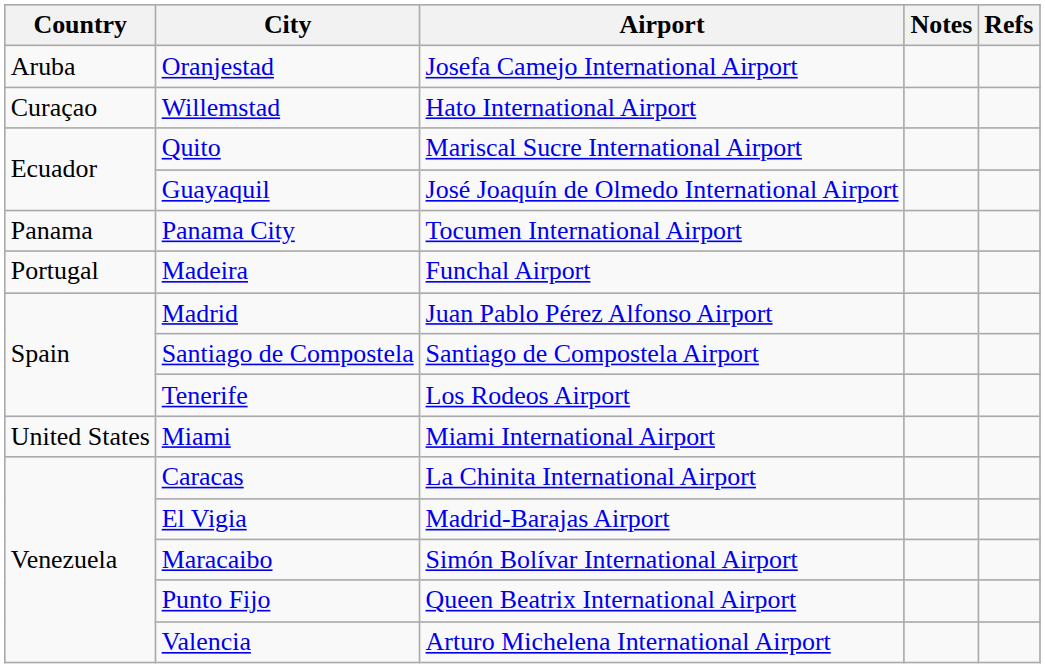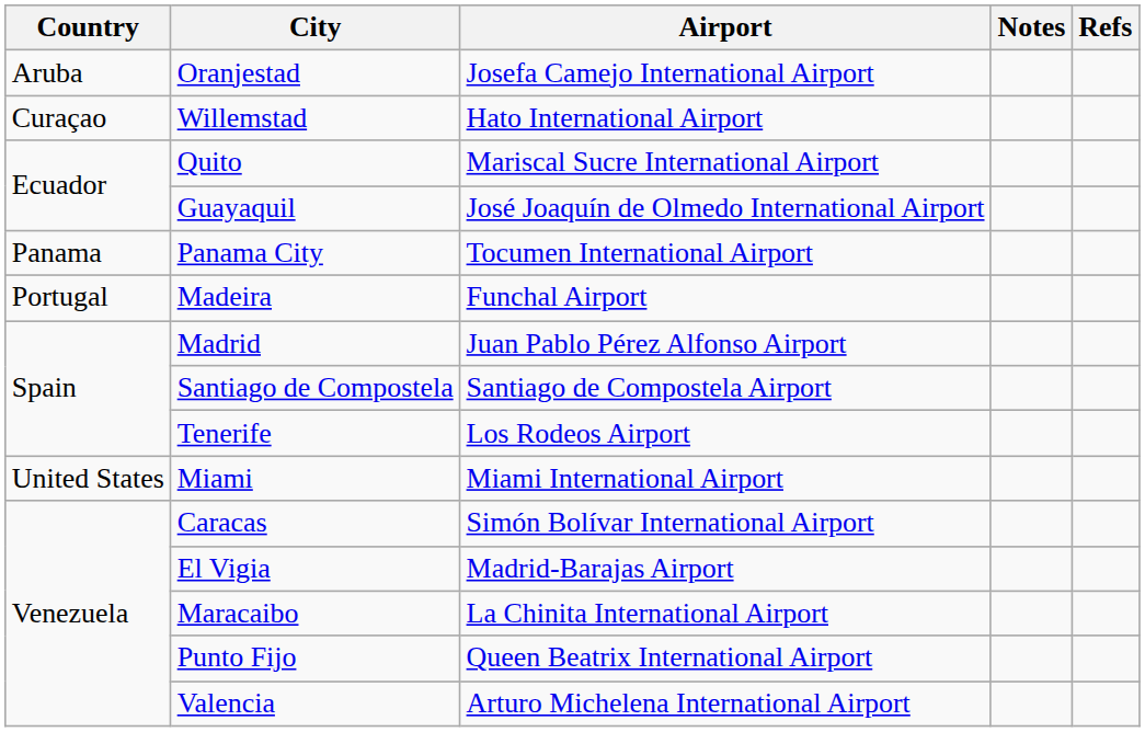 <table class="sortable wikitable">
 <tr>
 <th>Country</th>
 <th>City</th>
 <th>Airport</th>
 <th>Notes</th>
 <th class="unsortable">Refs</th>
 </tr>
 <tr>
 <td>Aruba</td>
 <td><a href='#'>Oranjestad</a></td>
 <td><a href='#'>Josefa Camejo International Airport</a></td>
 <td align=center></td>
 <td></td>
 </tr>
 <tr>
 <td>Curaçao</td>
 <td><a href='#'>Willemstad</a></td>
 <td><a href='#'>Hato International Airport</a></td>
 <td align=center></td>
 <td></td>
 </tr>
 <tr>
 <td rowspan=2>Ecuador</td>
 <td><a href='#'>Quito</a></td>
 <td><a href='#'>Mariscal Sucre International Airport</a></td>
 <td align=center></td>
 <td></td>
 </tr>
 <tr>
 <td><a href='#'>Guayaquil</a></td>
 <td><a href='#'>José Joaquín de Olmedo International Airport</a></td>
 <td align=center></td>
 <td></td>
 </tr>
 <tr>
 <td>Panama</td>
 <td><a href='#'>Panama City</a></td>
 <td><a href='#'>Tocumen International Airport</a></td>
 <td></td>
 <td></td>
 </tr>
 <tr>
 <td>Portugal</td>
 <td><a href='#'>Madeira</a></td>
 <td><a href='#'>Funchal Airport</a></td>
 <td align=center></td>
 <td></td>
 </tr>
 <tr>
 <td rowspan=3>Spain</td>
 <td><a href='#'>Madrid</a></td>
 <td><a href='#'>Juan Pablo Pérez Alfonso Airport</a></td>
 <td></td>
 <td></td>
 </tr>
 <tr>
 <td><a href='#'>Santiago de Compostela</a></td>
 <td><a href='#'>Santiago de Compostela Airport</a></td>
 <td></td>
 <td></td>
 </tr>
 <tr>
 <td><a href='#'>Tenerife</a></td>
 <td><a href='#'>Los Rodeos Airport</a></td>
 <td></td>
 <td></td>
 </tr>
 <tr>
 <td>United States</td>
 <td><a href='#'>Miami</a></td>
 <td><a href='#'>Miami International Airport</a></td>
 <td align=center></td>
 <td></td>
 </tr>
 <tr>
 <td rowspan=5>Venezuela</td>
 <td><a href='#'>Caracas</a></td>
-<td><a href='#'>La Chinita International Airport</a></td>
+<td><a href='#'>Simón Bolívar International Airport</a></td>
 <td></td>
 <td></td>
 </tr>
 <tr>
 <td><a href='#'>El Vigia</a></td>
 <td><a href='#'>Madrid-Barajas Airport</a></td>
 <td align=center></td>
 <td></td>
 </tr>
 <tr>
 <td><a href='#'>Maracaibo</a></td>
-<td><a href='#'>Simón Bolívar International Airport</a></td>
+<td><a href='#'>La Chinita International Airport</a></td>
 <td align=center></td>
 <td></td>
 </tr>
 <tr>
 <td><a href='#'>Punto Fijo</a></td>
 <td><a href='#'>Queen Beatrix International Airport</a></td>
 <td align=center></td>
 <td></td>
 </tr>
 <tr>
 <td><a href='#'>Valencia</a></td>
 <td><a href='#'>Arturo Michelena International Airport</a></td>
 <td align=center></td>
 <td></td>
 </tr>
 </table>
